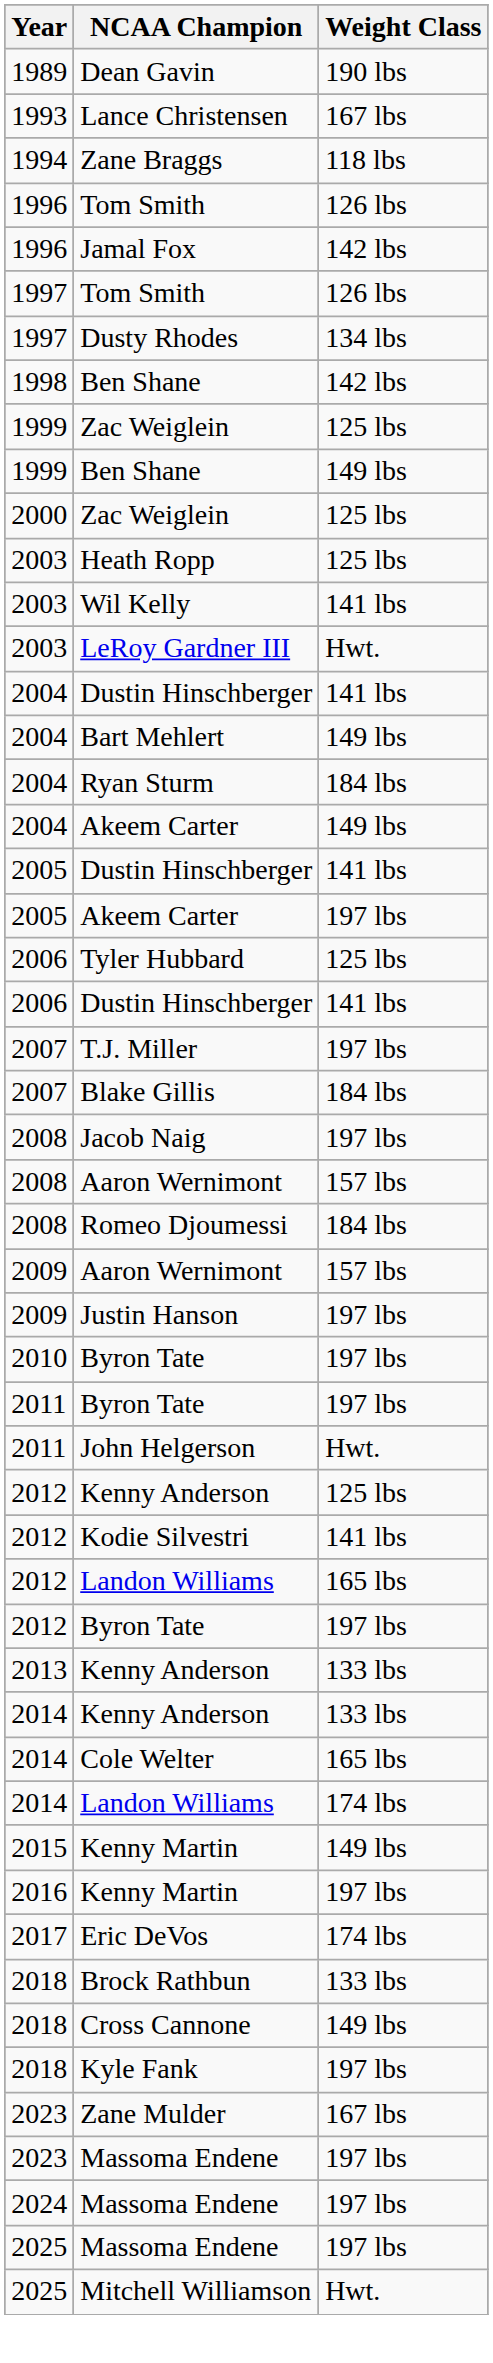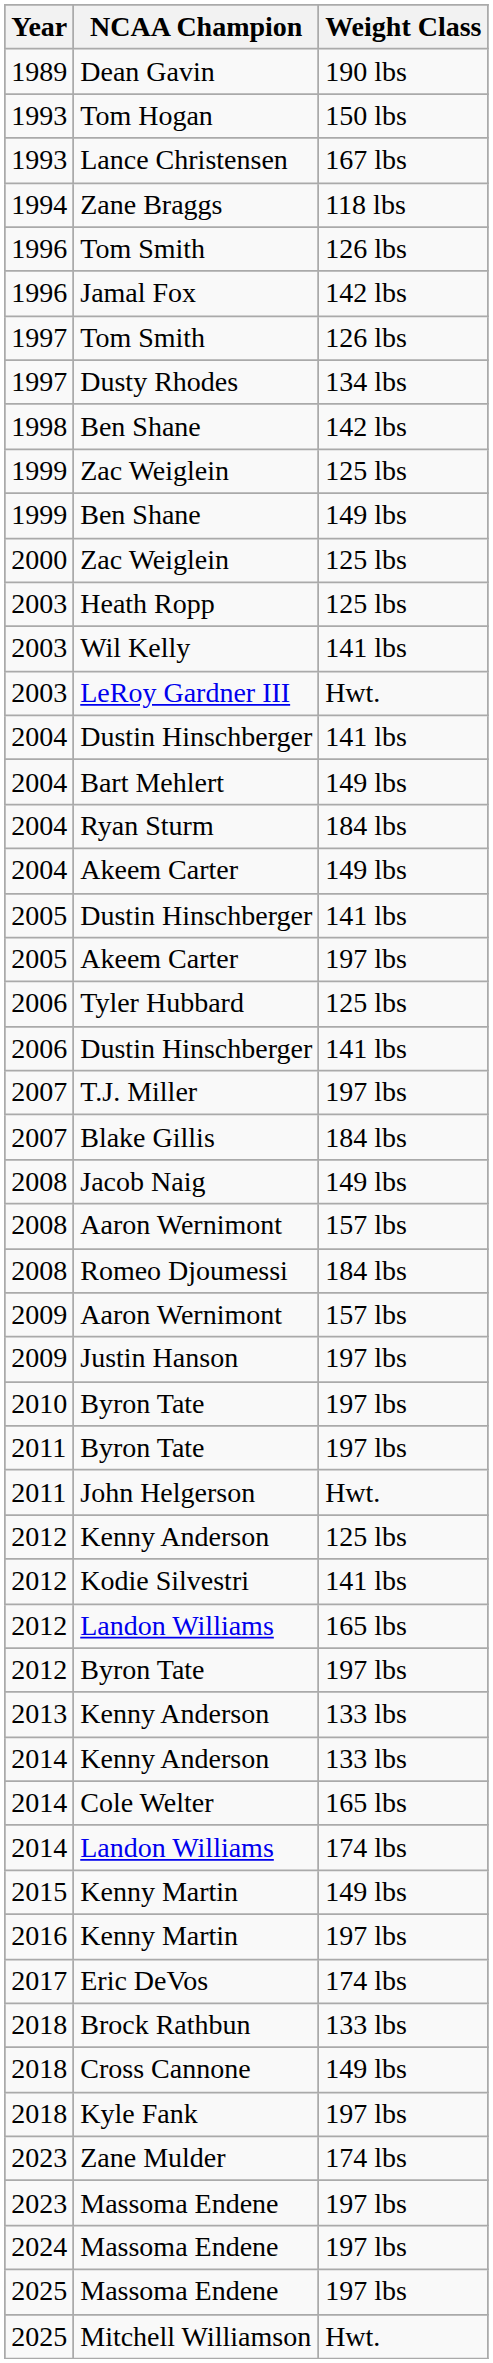 <table class="wikitable">
 <tr>
 <th>Year</th>
 <th>NCAA Champion</th>
 <th>Weight Class</th>
 </tr>
 <tr>
 <td>1989</td>
 <td>Dean Gavin</td>
 <td>190 lbs</td>
+</tr>
+<tr>
+<td>1993</td>
+<td>Tom Hogan</td>
+<td>150 lbs</td>
 </tr>
 <tr>
 <td>1993</td>
 <td>Lance Christensen</td>
 <td>167 lbs</td>
 </tr>
 <tr>
 <td>1994</td>
 <td>Zane Braggs</td>
 <td>118 lbs</td>
 </tr>
 <tr>
 <td>1996</td>
 <td>Tom Smith</td>
 <td>126 lbs</td>
 </tr>
 <tr>
 <td>1996</td>
 <td>Jamal Fox</td>
 <td>142 lbs</td>
 </tr>
 <tr>
 <td>1997</td>
 <td>Tom Smith</td>
 <td>126 lbs</td>
 </tr>
 <tr>
 <td>1997</td>
 <td>Dusty Rhodes</td>
 <td>134 lbs</td>
 </tr>
 <tr>
 <td>1998</td>
 <td>Ben Shane</td>
 <td>142 lbs</td>
 </tr>
 <tr>
 <td>1999</td>
 <td>Zac Weiglein</td>
 <td>125 lbs</td>
 </tr>
 <tr>
 <td>1999</td>
 <td>Ben Shane</td>
 <td>149 lbs</td>
 </tr>
 <tr>
 <td>2000</td>
 <td>Zac Weiglein</td>
 <td>125 lbs</td>
 </tr>
 <tr>
 <td>2003</td>
 <td>Heath Ropp</td>
 <td>125 lbs</td>
 </tr>
 <tr>
 <td>2003</td>
 <td>Wil Kelly</td>
 <td>141 lbs</td>
 </tr>
 <tr>
 <td>2003</td>
 <td><a href='#'>LeRoy Gardner III</a></td>
 <td>Hwt.</td>
 </tr>
 <tr>
 <td>2004</td>
 <td>Dustin Hinschberger</td>
 <td>141 lbs</td>
 </tr>
 <tr>
 <td>2004</td>
 <td>Bart Mehlert</td>
 <td>149 lbs</td>
 </tr>
 <tr>
 <td>2004</td>
 <td>Ryan Sturm</td>
 <td>184 lbs</td>
 </tr>
 <tr>
 <td>2004</td>
 <td>Akeem Carter</td>
 <td>149 lbs</td>
 </tr>
 <tr>
 <td>2005</td>
 <td>Dustin Hinschberger</td>
 <td>141 lbs</td>
 </tr>
 <tr>
 <td>2005</td>
 <td>Akeem Carter</td>
 <td>197 lbs</td>
 </tr>
 <tr>
 <td>2006</td>
 <td>Tyler Hubbard</td>
 <td>125 lbs</td>
 </tr>
 <tr>
 <td>2006</td>
 <td>Dustin Hinschberger</td>
 <td>141 lbs</td>
 </tr>
 <tr>
 <td>2007</td>
 <td>T.J. Miller</td>
 <td>197 lbs</td>
 </tr>
 <tr>
 <td>2007</td>
 <td>Blake Gillis</td>
 <td>184 lbs</td>
 </tr>
 <tr>
 <td>2008</td>
 <td>Jacob Naig</td>
-<td>197 lbs</td>
+<td>149 lbs</td>
 </tr>
 <tr>
 <td>2008</td>
 <td>Aaron Wernimont</td>
 <td>157 lbs</td>
 </tr>
 <tr>
 <td>2008</td>
 <td>Romeo Djoumessi</td>
 <td>184 lbs</td>
 </tr>
 <tr>
 <td>2009</td>
 <td>Aaron Wernimont</td>
 <td>157 lbs</td>
 </tr>
 <tr>
 <td>2009</td>
 <td>Justin Hanson</td>
 <td>197 lbs</td>
 </tr>
 <tr>
 <td>2010</td>
 <td>Byron Tate</td>
 <td>197 lbs</td>
 </tr>
 <tr>
 <td>2011</td>
 <td>Byron Tate</td>
 <td>197 lbs</td>
 </tr>
 <tr>
 <td>2011</td>
 <td>John Helgerson</td>
 <td>Hwt.</td>
 </tr>
 <tr>
 <td>2012</td>
 <td>Kenny Anderson</td>
 <td>125 lbs</td>
 </tr>
 <tr>
 <td>2012</td>
 <td>Kodie Silvestri</td>
 <td>141 lbs</td>
 </tr>
 <tr>
 <td>2012</td>
 <td><a href='#'>Landon Williams</a></td>
 <td>165 lbs</td>
 </tr>
 <tr>
 <td>2012</td>
 <td>Byron Tate</td>
 <td>197 lbs</td>
 </tr>
 <tr>
 <td>2013</td>
 <td>Kenny Anderson</td>
 <td>133 lbs</td>
 </tr>
 <tr>
 <td>2014</td>
 <td>Kenny Anderson</td>
 <td>133 lbs</td>
 </tr>
 <tr>
 <td>2014</td>
 <td>Cole Welter</td>
 <td>165 lbs</td>
 </tr>
 <tr>
 <td>2014</td>
 <td><a href='#'>Landon Williams</a></td>
 <td>174 lbs</td>
 </tr>
 <tr>
 <td>2015</td>
 <td>Kenny Martin</td>
 <td>149 lbs</td>
 </tr>
 <tr>
 <td>2016</td>
 <td>Kenny Martin</td>
 <td>197 lbs</td>
 </tr>
 <tr>
 <td>2017</td>
 <td>Eric DeVos</td>
 <td>174 lbs</td>
 </tr>
 <tr>
 <td>2018</td>
 <td>Brock Rathbun</td>
 <td>133 lbs</td>
 </tr>
 <tr>
 <td>2018</td>
 <td>Cross Cannone</td>
 <td>149 lbs</td>
 </tr>
 <tr>
 <td>2018</td>
 <td>Kyle Fank</td>
 <td>197 lbs</td>
 </tr>
 <tr>
 <td>2023</td>
 <td>Zane Mulder</td>
-<td>167 lbs</td>
+<td>174 lbs</td>
 </tr>
 <tr>
 <td>2023</td>
 <td>Massoma Endene</td>
 <td>197 lbs</td>
 </tr>
 <tr>
 <td>2024</td>
 <td>Massoma Endene</td>
 <td>197 lbs</td>
 </tr>
 <tr>
 <td>2025</td>
 <td>Massoma Endene</td>
 <td>197 lbs</td>
 </tr>
 <tr>
 <td>2025</td>
 <td>Mitchell Williamson</td>
 <td>Hwt.</td>
 </tr>
 </table>
